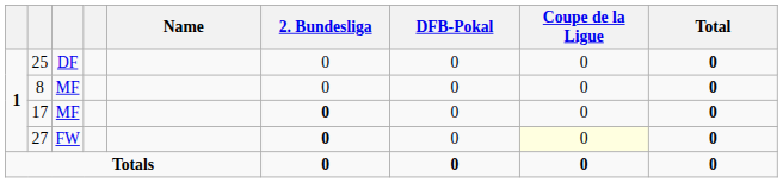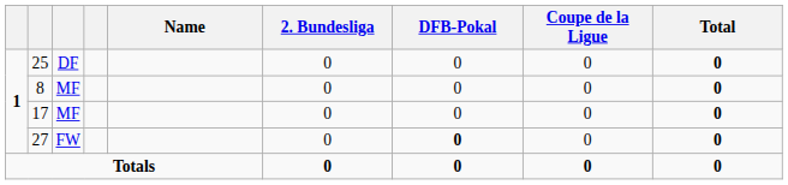 <table class="wikitable" style="text-align:center">
 <tr>
 <th width=15></th>
 <th width=15></th>
 <th width=15></th>
 <th width=15></th>
 <th width=145>Name</th>
 <th width=120><a href='#'>2. Bundesliga</a></th>
 <th width=120><a href='#'>DFB-Pokal</a></th>
 <th width=120><a href='#'>Coupe de la Ligue</a></th>
 <th width=120>Total</th>
 </tr>
 <tr>
 <td rowspan=4><strong>1</strong></td>
 <td>25</td>
 <td><a href='#'>DF</a></td>
 <td></td>
 <td align=left><a href='#'></a></td>
 <td>0</td>
 <td>0</td>
 <td>0</td>
 <td><strong>0</strong></td>
 </tr>
 <tr>
 <td>8</td>
 <td><a href='#'>MF</a></td>
 <td></td>
 <td align=left><a href='#'></a></td>
 <td>0</td>
 <td>0</td>
 <td>0</td>
 <td><strong>0</strong></td>
 </tr>
 <tr>
 <td>17</td>
 <td><a href='#'>MF</a></td>
 <td></td>
 <td align=left><a href='#'></a></td>
-<td><strong>0</strong></td>
+<td>0</td>
 <td>0</td>
 <td>0</td>
 <td><strong>0</strong></td>
 </tr>
 <tr>
 <td>27</td>
 <td><a href='#'>FW</a></td>
 <td></td>
 <td align=left><a href='#'></a></td>
+<td>0</td>
 <td><strong>0</strong></td>
 <td>0</td>
-<td style="background: lightyellow;">0</td>
 <td><strong>0</strong></td>
 </tr>
 <tr>
 <td colspan=5><strong>Totals</strong></td>
 <td><strong>0</strong></td>
 <td><strong>0</strong></td>
 <td><strong>0</strong></td>
 <td><strong>0</strong></td>
 </tr>
 </table>
